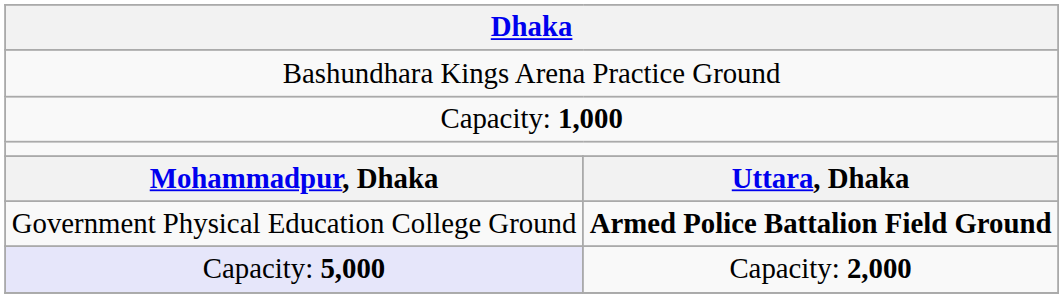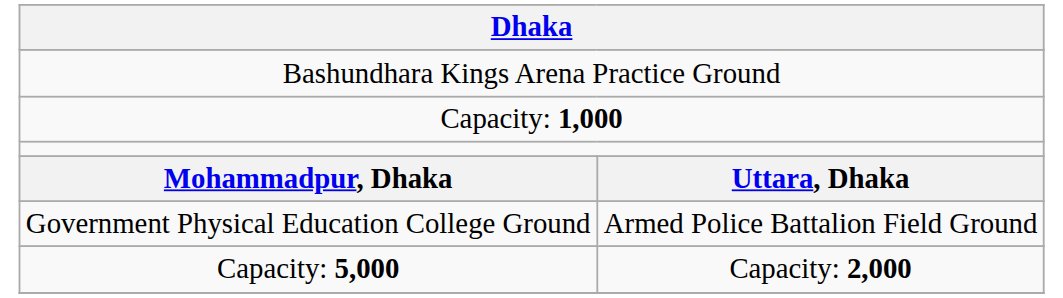 <table class="wikitable" style="margin:1em auto; text-align:center">
 <tr>
 <th colspan=2><a href='#'>Dhaka</a></th>
 </tr>
 <tr>
 <td colspan=2>Bashundhara Kings Arena Practice Ground</td>
 </tr>
 <tr>
 <td colspan=2>Capacity: <strong>1,000</strong></td>
 </tr>
 <tr>
 <td colspan=3></td>
 </tr>
 <tr>
 <th><a href='#'>Mohammadpur</a>, Dhaka</th>
 <th><a href='#'>Uttara</a>, Dhaka</th>
 </tr>
 <tr>
 <td>Government Physical Education College Ground</td>
-<td><strong>Armed Police Battalion Field Ground</strong></td>
+<td>Armed Police Battalion Field Ground</td>
 </tr>
 <tr>
-<td style="background: lavender;">Capacity: <strong>5,000</strong></td>
+<td>Capacity: <strong>5,000</strong></td>
 <td>Capacity: <strong>2,000</strong></td>
 </tr>
 <tr>
 </tr>
 </table>
